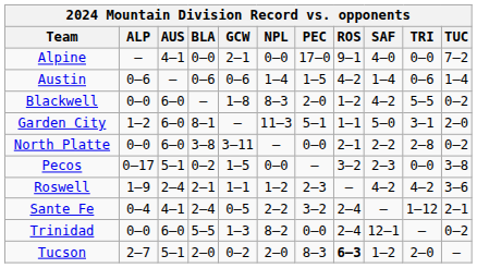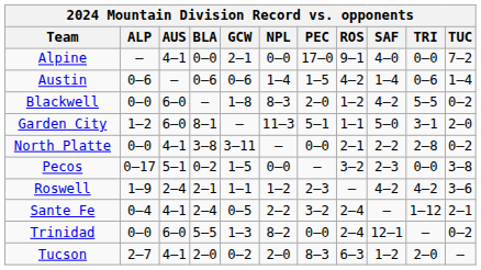 <table class="wikitable" style="font-size:95%; text-align:center;">
 <tr>
 <th colspan=11>2024 Mountain Division Record vs. opponents</th>
 </tr>
 <tr>
 <th style="width:100px;">Team</th>
 <th>ALP</th>
 <th>AUS</th>
 <th>BLA</th>
 <th>GCW</th>
 <th>NPL</th>
 <th>PEC</th>
 <th>ROS</th>
 <th>SAF</th>
 <th>TRI</th>
 <th>TUC</th>
 </tr>
 <tr>
 <td><a href='#'>Alpine</a></td>
 <td>—</td>
 <td>4–1</td>
 <td>0–0</td>
 <td>2–1</td>
 <td>0–0</td>
 <td>17–0</td>
 <td>9–1</td>
 <td>4–0</td>
 <td>0–0</td>
 <td>7–2</td>
 </tr>
 <tr>
 <td><a href='#'>Austin</a></td>
 <td>0–6</td>
 <td>—</td>
 <td>0–6</td>
 <td>0–6</td>
 <td>1–4</td>
 <td>1–5</td>
 <td>4–2</td>
 <td>1–4</td>
 <td>0–6</td>
 <td>1–4</td>
 </tr>
 <tr>
 <td><a href='#'>Blackwell</a></td>
 <td>0–0</td>
 <td>6–0</td>
 <td>—</td>
 <td>1–8</td>
 <td>8–3</td>
 <td>2–0</td>
 <td>1–2</td>
 <td>4–2</td>
 <td>5–5</td>
 <td>0–2</td>
 </tr>
 <tr>
 <td><a href='#'>Garden City</a></td>
 <td>1–2</td>
 <td>6–0</td>
 <td>8–1</td>
 <td>—</td>
 <td>11–3</td>
 <td>5–1</td>
 <td>1–1</td>
 <td>5–0</td>
 <td>3–1</td>
 <td>2–0</td>
 </tr>
 <tr>
 <td><a href='#'>North Platte</a></td>
 <td>0–0</td>
-<td>6–0</td>
+<td>4–1</td>
 <td>3–8</td>
 <td>3–11</td>
 <td>—</td>
 <td>0–0</td>
 <td>2–1</td>
 <td>2–2</td>
 <td>2–8</td>
 <td>0–2</td>
 </tr>
 <tr>
 <td><a href='#'>Pecos</a></td>
 <td>0–17</td>
 <td>5–1</td>
 <td>0–2</td>
 <td>1–5</td>
 <td>0–0</td>
 <td>—</td>
 <td>3–2</td>
 <td>2–3</td>
 <td>0–0</td>
 <td>3–8</td>
 </tr>
 <tr>
 <td><a href='#'>Roswell</a></td>
 <td>1–9</td>
 <td>2–4</td>
 <td>2–1</td>
 <td>1–1</td>
 <td>1–2</td>
 <td>2–3</td>
 <td>—</td>
 <td>4–2</td>
 <td>4–2</td>
 <td>3–6</td>
 </tr>
 <tr>
 <td><a href='#'>Sante Fe</a></td>
 <td>0–4</td>
 <td>4–1</td>
 <td>2–4</td>
 <td>0–5</td>
 <td>2–2</td>
 <td>3–2</td>
 <td>2–4</td>
 <td>—</td>
 <td>1–12</td>
 <td>2–1</td>
 </tr>
 <tr>
 <td><a href='#'>Trinidad</a></td>
 <td>0–0</td>
 <td>6–0</td>
 <td>5–5</td>
 <td>1–3</td>
 <td>8–2</td>
 <td>0–0</td>
 <td>2–4</td>
 <td>12–1</td>
 <td>—</td>
 <td>0–2</td>
 </tr>
 <tr>
 <td><a href='#'>Tucson</a></td>
 <td>2–7</td>
-<td>5–1</td>
+<td>4–1</td>
 <td>2–0</td>
 <td>0–2</td>
 <td>2–0</td>
 <td>8–3</td>
-<td><strong>6–3</strong></td>
+<td>6–3</td>
 <td>1–2</td>
 <td>2–0</td>
 <td>—</td>
 </tr>
 </table>
